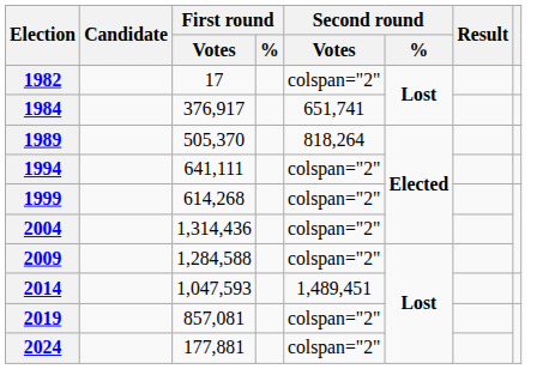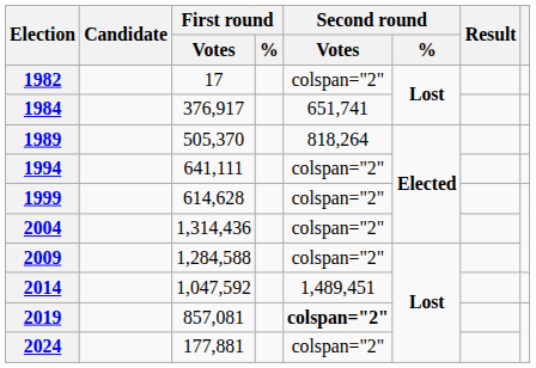 <table class="wikitable" style="text-align:center">
 <tr>
 <th rowspan="2">Election</th>
 <th rowspan="2">Candidate</th>
 <th colspan="2" scope="col">First round</th>
 <th colspan="2">Second round</th>
 <th rowspan="2">Result</th>
 <th rowspan="2"></th>
 </tr>
 <tr>
 <th>Votes</th>
 <th>%</th>
 <th>Votes</th>
 <th>%</th>
 </tr>
 <tr>
 <th><a href='#'>1982</a></th>
 <td></td>
 <td>17</td>
 <td></td>
 <td>colspan="2" </td>
 <td rowspan="2"><strong>Lost</strong> </td>
 <td></td>
 </tr>
 <tr>
 <th><a href='#'>1984</a></th>
 <td></td>
 <td>376,917</td>
 <td></td>
 <td>651,741</td>
 <td></td>
 <td></td>
 </tr>
 <tr>
 <th><a href='#'>1989</a></th>
 <td></td>
 <td>505,370</td>
 <td></td>
 <td>818,264</td>
 <td rowspan="4"><strong>Elected</strong> </td>
 <td></td>
 </tr>
 <tr>
 <th><a href='#'>1994</a></th>
 <td></td>
 <td>641,111</td>
 <td></td>
 <td>colspan="2" </td>
 <td></td>
 <td></td>
 </tr>
 <tr>
 <th><a href='#'>1999</a></th>
 <td></td>
-<td>614,268</td>
+<td>614,628</td>
 <td></td>
 <td>colspan="2" </td>
 <td></td>
 </tr>
 <tr>
 <th><a href='#'>2004</a></th>
 <td></td>
 <td>1,314,436</td>
 <td></td>
 <td>colspan="2" </td>
 <td></td>
 </tr>
 <tr>
 <th><a href='#'>2009</a></th>
 <td></td>
 <td>1,284,588</td>
 <td></td>
 <td>colspan="2" </td>
 <td rowspan="4"><strong>Lost</strong> </td>
 <td></td>
 </tr>
 <tr>
 <th><a href='#'>2014</a></th>
 <td></td>
-<td>1,047,593</td>
+<td>1,047,592</td>
 <td></td>
 <td>1,489,451</td>
 <td></td>
 <td></td>
 </tr>
 <tr>
 <th><a href='#'>2019</a></th>
 <td></td>
 <td>857,081</td>
 <td></td>
-<td>colspan="2" </td>
+<td><strong>colspan="2" </strong></td>
 <td></td>
 </tr>
 <tr>
 <th><a href='#'>2024</a></th>
 <td></td>
 <td>177,881</td>
 <td></td>
 <td>colspan="2" </td>
 <td></td>
 </tr>
 </table>
